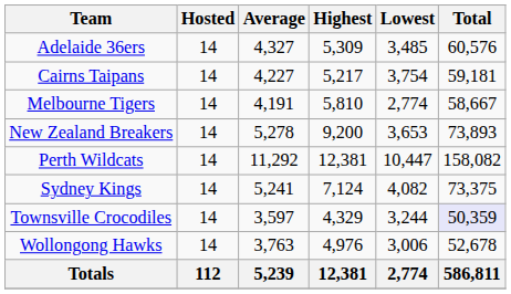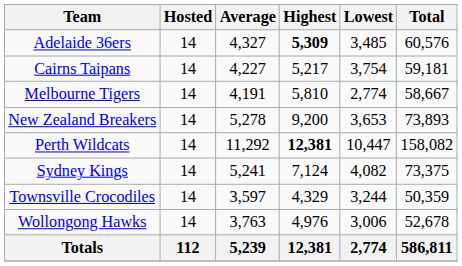 <table class="wikitable sortable" style="text-align:center;">
 <tr>
 <th>Team</th>
 <th>Hosted</th>
 <th>Average</th>
 <th>Highest</th>
 <th>Lowest</th>
 <th>Total</th>
 </tr>
 <tr>
 <td><a href='#'>Adelaide 36ers</a></td>
 <td>14</td>
 <td>4,327</td>
-<td>5,309</td>
+<td><strong>5,309</strong></td>
 <td>3,485</td>
 <td>60,576</td>
 </tr>
 <tr>
 <td><a href='#'>Cairns Taipans</a></td>
 <td>14</td>
 <td>4,227</td>
 <td>5,217</td>
 <td>3,754</td>
 <td>59,181</td>
 </tr>
 <tr>
 <td><a href='#'>Melbourne Tigers</a></td>
 <td>14</td>
 <td>4,191</td>
 <td>5,810</td>
 <td>2,774</td>
 <td>58,667</td>
 </tr>
 <tr>
 <td><a href='#'>New Zealand Breakers</a></td>
 <td>14</td>
 <td>5,278</td>
 <td>9,200</td>
 <td>3,653</td>
 <td>73,893</td>
 </tr>
 <tr>
 <td><a href='#'>Perth Wildcats</a></td>
 <td>14</td>
 <td>11,292</td>
-<td>12,381</td>
+<td><strong>12,381</strong></td>
 <td>10,447</td>
 <td>158,082</td>
 </tr>
 <tr>
 <td><a href='#'>Sydney Kings</a></td>
 <td>14</td>
 <td>5,241</td>
 <td>7,124</td>
 <td>4,082</td>
 <td>73,375</td>
 </tr>
 <tr>
 <td><a href='#'>Townsville Crocodiles</a></td>
 <td>14</td>
 <td>3,597</td>
 <td>4,329</td>
 <td>3,244</td>
-<td style="background: lavender;">50,359</td>
+<td>50,359</td>
 </tr>
 <tr>
 <td><a href='#'>Wollongong Hawks</a></td>
 <td>14</td>
 <td>3,763</td>
 <td>4,976</td>
 <td>3,006</td>
 <td>52,678</td>
 </tr>
 <tr class="sortbottom">
 <th>Totals</th>
 <th>112</th>
 <th>5,239</th>
 <th>12,381</th>
 <th>2,774</th>
 <th>586,811</th>
 </tr>
 <tr class="sortbottom">
 </tr>
 </table>
